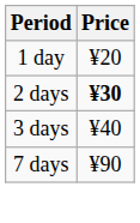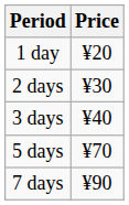 <table class="wikitable sortable floatleft" style="cell-padding:1.5; font-size:96%; text-align:center;">
 <tr>
 <th>Period</th>
 <th>Price</th>
 </tr>
 <tr>
 <td>1 day</td>
 <td>¥20</td>
 </tr>
 <tr>
 <td>2 days</td>
-<td><strong>¥30</strong></td>
+<td>¥30</td>
 </tr>
 <tr>
 <td>3 days</td>
 <td>¥40</td>
 </tr>
 <tr>
+<td>5 days</td>
+<td>¥70</td>
+</tr>
+<tr>
 <td>7 days</td>
 <td>¥90</td>
 </tr>
 </table>
